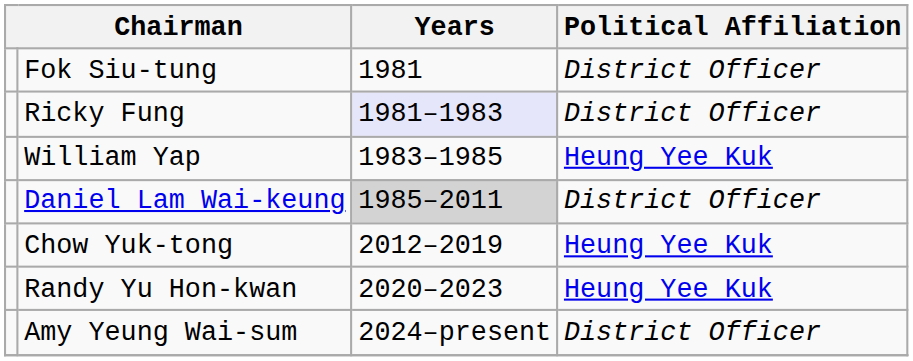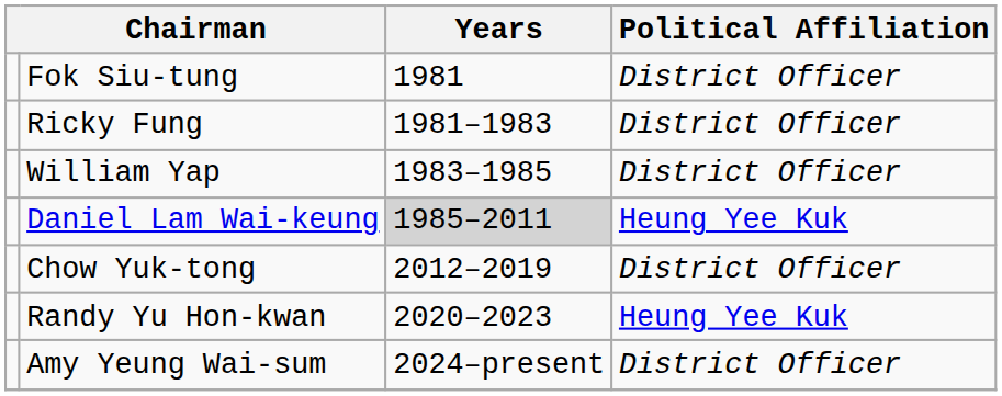 <table class="wikitable">
 <tr>
 <th colspan=2>Chairman</th>
 <th>Years</th>
 <th>Political Affiliation</th>
 </tr>
 <tr>
 <td style="color:inherit;background:"></td>
 <td>Fok Siu-tung</td>
 <td>1981</td>
 <td><em>District Officer</em></td>
 </tr>
 <tr>
 <td style="color:inherit;background:"></td>
 <td>Ricky Fung</td>
-<td style="background: lavender;">1981–1983</td>
+<td>1981–1983</td>
 <td><em>District Officer</em></td>
 </tr>
 <tr>
 <td style="color:inherit;background:"></td>
 <td>William Yap</td>
 <td>1983–1985</td>
-<td><a href='#'>Heung Yee Kuk</a></td>
+<td><em>District Officer</em></td>
 </tr>
 <tr>
 <td style="color:inherit;background:"></td>
 <td><a href='#'>Daniel Lam Wai-keung</a></td>
 <td style="background: lightgrey;">1985–2011</td>
-<td><em>District Officer</em></td>
+<td><a href='#'>Heung Yee Kuk</a></td>
 </tr>
 <tr>
 <td style="color:inherit;background:"></td>
 <td>Chow Yuk-tong</td>
 <td>2012–2019</td>
-<td><a href='#'>Heung Yee Kuk</a></td>
+<td><em>District Officer</em></td>
 </tr>
 <tr>
 <td style="color:inherit;background: "></td>
 <td>Randy Yu Hon-kwan</td>
 <td>2020–2023</td>
 <td><a href='#'>Heung Yee Kuk</a></td>
 </tr>
 <tr>
 <td style="color:inherit;background:"></td>
 <td>Amy Yeung Wai-sum</td>
 <td>2024–present</td>
 <td><em>District Officer</em></td>
 </tr>
 <tr>
 </tr>
 </table>
